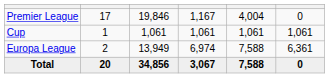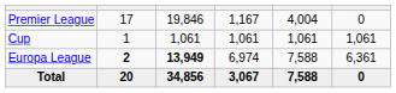 <table class="wikitable" style="text-align: center;">
 <tr>
 <th></th>
 <th style="width:70px;"></th>
 <th style="width:70px;"></th>
 <th style="width:70px;"></th>
 <th style="width:70px;"></th>
 <th style="width:70px;"></th>
 </tr>
 <tr>
 <td align=left><a href='#'>Premier League</a></td>
 <td>17</td>
 <td>19,846</td>
 <td>1,167</td>
 <td>4,004</td>
 <td>0</td>
 </tr>
 <tr>
 <td align=left><a href='#'>Cup</a></td>
 <td>1</td>
 <td>1,061</td>
 <td>1,061</td>
 <td>1,061</td>
 <td>1,061</td>
 </tr>
 <tr>
 <td align=left><a href='#'>Europa League</a></td>
-<td>2</td>
-<td>13,949</td>
+<td><strong>2</strong></td>
+<td><strong>13,949</strong></td>
 <td>6,974</td>
 <td>7,588</td>
 <td>6,361</td>
 </tr>
 <tr bgcolor="#EFEFEF">
 <td><strong>Total</strong></td>
 <td><strong>20</strong></td>
 <td><strong>34,856</strong></td>
 <td><strong>3,067</strong></td>
 <td><strong>7,588</strong></td>
 <td><strong>0</strong></td>
 </tr>
 </table>
